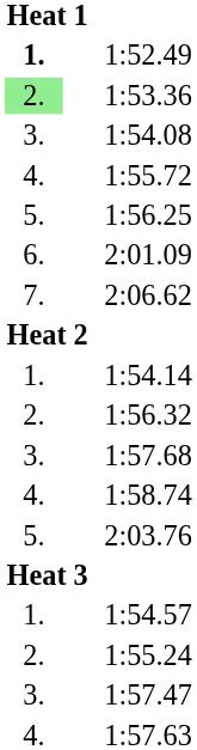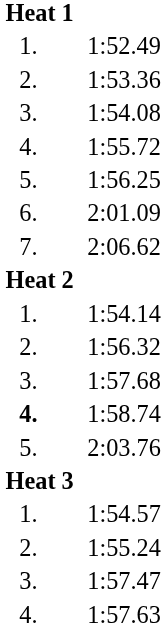 <table style="text-align:center">
 <tr>
 <td colspan=4 align=left><strong>Heat 1</strong></td>
 </tr>
 <tr>
-<td width=30><strong>1.</strong></td>
+<td width=30>1.</td>
 <td align=left></td>
 <td width=80>1:52.49</td>
 <td></td>
 </tr>
 <tr>
-<td style="background: lightgreen;">2.</td>
+<td>2.</td>
 <td align=left></td>
 <td>1:53.36</td>
 <td></td>
 </tr>
 <tr>
 <td>3.</td>
 <td align=left></td>
 <td>1:54.08</td>
 <td></td>
 </tr>
 <tr>
 <td>4.</td>
 <td align=left></td>
 <td>1:55.72</td>
 <td></td>
 </tr>
 <tr>
 <td>5.</td>
 <td align=left></td>
 <td>1:56.25</td>
 <td></td>
 </tr>
 <tr>
 <td>6.</td>
 <td align=left></td>
 <td>2:01.09</td>
 <td></td>
 </tr>
 <tr>
 <td>7.</td>
 <td align=left></td>
 <td>2:06.62</td>
 <td></td>
 </tr>
 <tr>
 <td colspan=4 align=left><strong>Heat 2</strong></td>
 </tr>
 <tr>
 <td>1.</td>
 <td align=left></td>
 <td>1:54.14</td>
 <td></td>
 </tr>
 <tr>
 <td>2.</td>
 <td align=left></td>
 <td>1:56.32</td>
 <td></td>
 </tr>
 <tr>
 <td>3.</td>
 <td align=left></td>
 <td>1:57.68</td>
 <td></td>
 </tr>
 <tr>
-<td>4.</td>
+<td><strong>4.</strong></td>
 <td align=left></td>
 <td>1:58.74</td>
 <td></td>
 </tr>
 <tr>
 <td>5.</td>
 <td align=left></td>
 <td>2:03.76</td>
 <td></td>
 </tr>
 <tr>
 <td colspan=4 align=left><strong>Heat 3</strong></td>
 </tr>
 <tr>
 <td>1.</td>
 <td align=left></td>
 <td>1:54.57</td>
 <td></td>
 </tr>
 <tr>
 <td>2.</td>
 <td align=left></td>
 <td>1:55.24</td>
 <td></td>
 </tr>
 <tr>
 <td>3.</td>
 <td align=left></td>
 <td>1:57.47</td>
 <td></td>
 </tr>
 <tr>
 <td>4.</td>
 <td align=left></td>
 <td>1:57.63</td>
 <td></td>
 </tr>
 </table>
